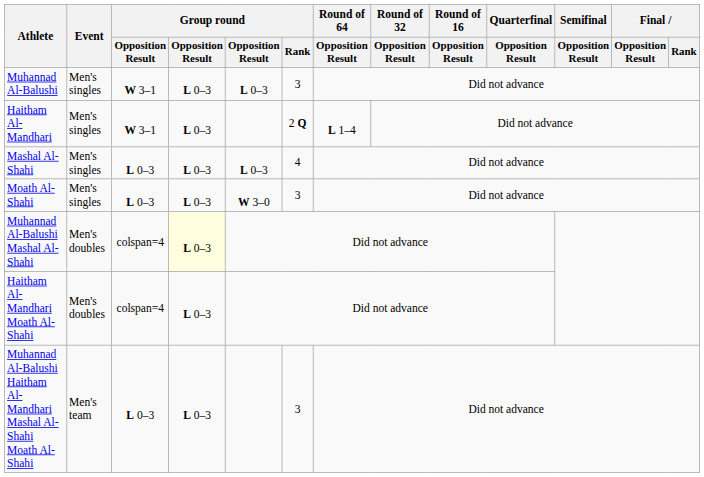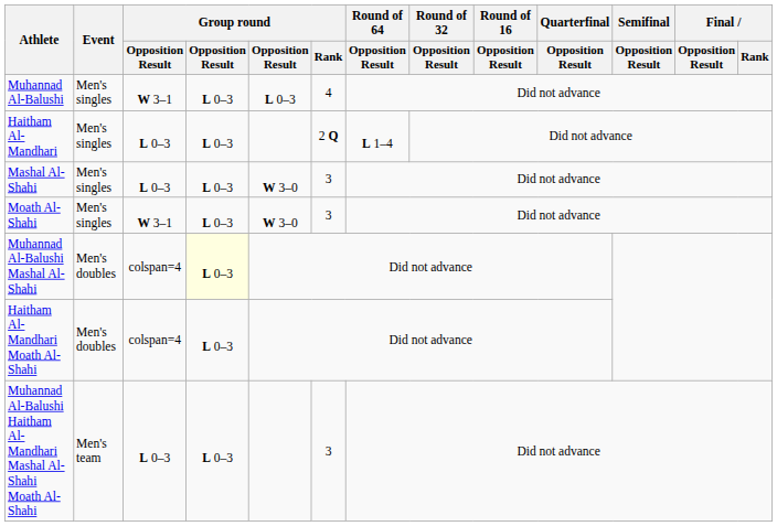 <table class="wikitable" style="font-size:90%;">
 <tr>
 <th rowspan=2>Athlete</th>
 <th rowspan=2>Event</th>
 <th colspan=4>Group round</th>
 <th>Round of 64</th>
 <th>Round of 32</th>
 <th>Round of 16</th>
 <th>Quarterfinal</th>
 <th>Semifinal</th>
 <th colspan=2>Final / </th>
 </tr>
 <tr style="font-size:95%">
 <th>Opposition<br>Result</th>
 <th>Opposition<br>Result</th>
 <th>Opposition<br>Result</th>
 <th>Rank</th>
 <th>Opposition<br>Result</th>
 <th>Opposition<br>Result</th>
 <th>Opposition<br>Result</th>
 <th>Opposition<br>Result</th>
 <th>Opposition<br>Result</th>
 <th>Opposition<br>Result</th>
 <th>Rank</th>
 </tr>
 <tr align=center>
 <td align=left><a href='#'>Muhannad Al-Balushi</a></td>
 <td align=left>Men's singles</td>
 <td><br> <strong>W</strong> 3–1</td>
 <td><br> <strong>L</strong> 0–3</td>
 <td><br> <strong>L</strong> 0–3</td>
-<td>3</td>
+<td>4</td>
 <td colspan=7>Did not advance</td>
 </tr>
 <tr align=center>
 <td align=left><a href='#'>Haitham Al-Mandhari</a></td>
 <td align=left>Men's singles</td>
-<td><br> <strong>W</strong> 3–1</td>
+<td><br> <strong>L</strong> 0–3</td>
 <td><br> <strong>L</strong> 0–3</td>
 <td></td>
 <td>2 <strong>Q</strong></td>
 <td><br> <strong>L</strong> 1–4</td>
 <td colspan=6>Did not advance</td>
 </tr>
 <tr align=center>
 <td align=left><a href='#'>Mashal Al-Shahi</a></td>
 <td align=left>Men's singles</td>
 <td><br> <strong>L</strong> 0–3</td>
 <td><br> <strong>L</strong> 0–3</td>
-<td><br> <strong>L</strong> 0–3</td>
-<td>4</td>
+<td><br> <strong>W</strong> 3–0</td>
+<td>3</td>
 <td colspan=7>Did not advance</td>
 </tr>
 <tr align=center>
 <td align=left><a href='#'>Moath Al-Shahi</a></td>
 <td align=left>Men's singles</td>
-<td><br> <strong>L</strong> 0–3</td>
+<td><br> <strong>W</strong> 3–1</td>
 <td><br> <strong>L</strong> 0–3</td>
 <td><br> <strong>W</strong> 3–0</td>
 <td>3</td>
 <td colspan=7>Did not advance</td>
 </tr>
 <tr align=center>
 <td align=left><a href='#'>Muhannad Al-Balushi</a><br><a href='#'>Mashal Al-Shahi</a></td>
 <td align=left>Men's doubles</td>
 <td>colspan=4  </td>
 <td style="background: lightyellow;"><br> <strong>L</strong> 0–3</td>
 <td colspan=6>Did not advance</td>
 </tr>
 <tr align=center>
 <td align=left><a href='#'>Haitham Al-Mandhari</a><br><a href='#'>Moath Al-Shahi</a></td>
 <td align=left>Men's doubles</td>
 <td>colspan=4  </td>
 <td><br> <strong>L</strong> 0–3</td>
 <td colspan=6>Did not advance</td>
 </tr>
 <tr align=center>
 <td align=left><a href='#'>Muhannad Al-Balushi</a><br><a href='#'>Haitham Al-Mandhari</a><br><a href='#'>Mashal Al-Shahi</a><br><a href='#'>Moath Al-Shahi</a></td>
 <td align=left>Men's team</td>
 <td><br> <strong>L</strong> 0–3</td>
 <td><br> <strong>L</strong> 0–3</td>
 <td></td>
 <td>3</td>
 <td colspan=7>Did not advance</td>
 </tr>
 </table>
